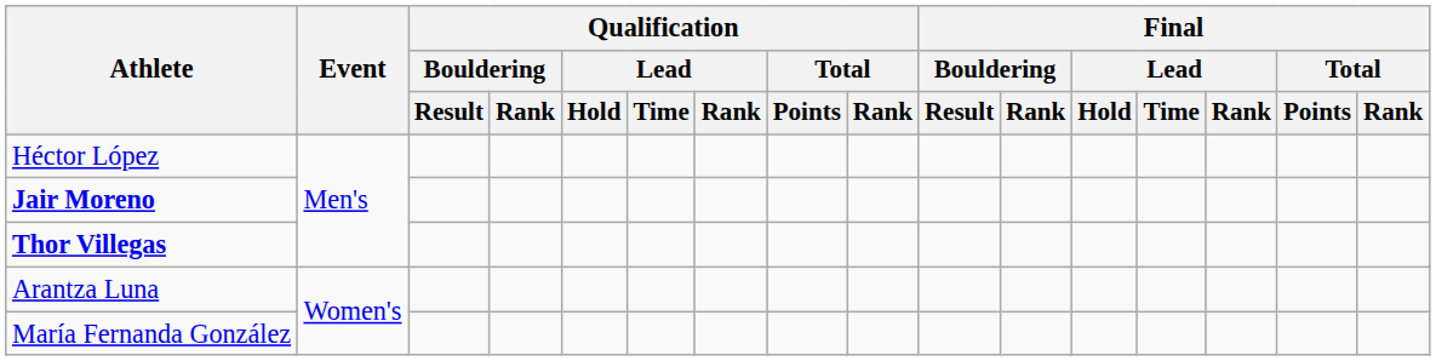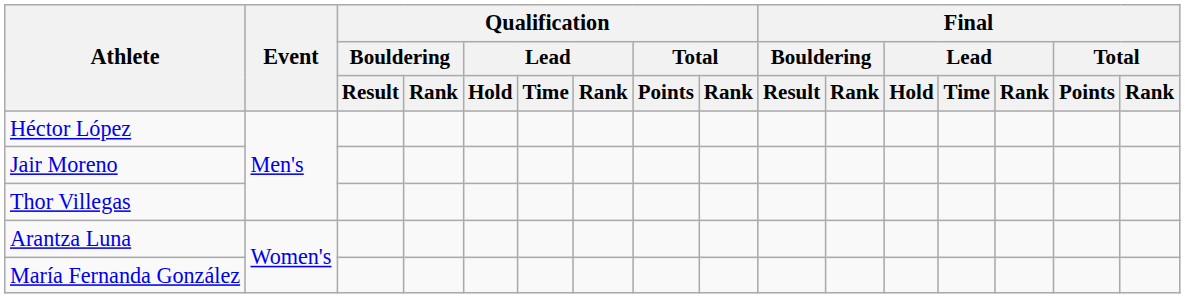 <table class=wikitable style=font-size:90%;text-align:center>
 <tr>
 <th rowspan=3>Athlete</th>
 <th rowspan=3>Event</th>
 <th colspan=7>Qualification</th>
 <th colspan=7>Final</th>
 </tr>
 <tr style=font-size:95%>
 <th colspan=2>Bouldering</th>
 <th colspan=3>Lead</th>
 <th colspan=2>Total</th>
 <th colspan=2>Bouldering</th>
 <th colspan=3>Lead</th>
 <th colspan=2>Total</th>
 </tr>
 <tr style=font-size:95%>
 <th>Result</th>
 <th>Rank</th>
 <th>Hold</th>
 <th>Time</th>
 <th>Rank</th>
 <th>Points</th>
 <th>Rank</th>
 <th>Result</th>
 <th>Rank</th>
 <th>Hold</th>
 <th>Time</th>
 <th>Rank</th>
 <th>Points</th>
 <th>Rank</th>
 </tr>
 <tr>
 <td align=left><a href='#'>Héctor López</a></td>
 <td align=left rowspan=3><a href='#'>Men's</a></td>
 <td></td>
 <td></td>
 <td></td>
 <td></td>
 <td></td>
 <td></td>
 <td></td>
 <td></td>
 <td></td>
 <td></td>
 <td></td>
 <td></td>
 <td></td>
 <td></td>
 </tr>
 <tr>
-<td align=left><strong><a href='#'>Jair Moreno</a></strong></td>
+<td align=left><a href='#'>Jair Moreno</a></td>
 <td></td>
 <td></td>
 <td></td>
 <td></td>
 <td></td>
 <td></td>
 <td></td>
 <td></td>
 <td></td>
 <td></td>
 <td></td>
 <td></td>
 <td></td>
 <td></td>
 </tr>
 <tr>
-<td align=left><strong><a href='#'>Thor Villegas</a></strong></td>
+<td align=left><a href='#'>Thor Villegas</a></td>
 <td></td>
 <td></td>
 <td></td>
 <td></td>
 <td></td>
 <td></td>
 <td></td>
 <td></td>
 <td></td>
 <td></td>
 <td></td>
 <td></td>
 <td></td>
 <td></td>
 </tr>
 <tr>
 <td align=left><a href='#'>Arantza Luna</a></td>
 <td align=left rowspan=2><a href='#'>Women's</a></td>
 <td></td>
 <td></td>
 <td></td>
 <td></td>
 <td></td>
 <td></td>
 <td></td>
 <td></td>
 <td></td>
 <td></td>
 <td></td>
 <td></td>
 <td></td>
 <td></td>
 </tr>
 <tr>
 <td align=left><a href='#'>María Fernanda González</a></td>
 <td></td>
 <td></td>
 <td></td>
 <td></td>
 <td></td>
 <td></td>
 <td></td>
 <td></td>
 <td></td>
 <td></td>
 <td></td>
 <td></td>
 <td></td>
 </tr>
 </table>
